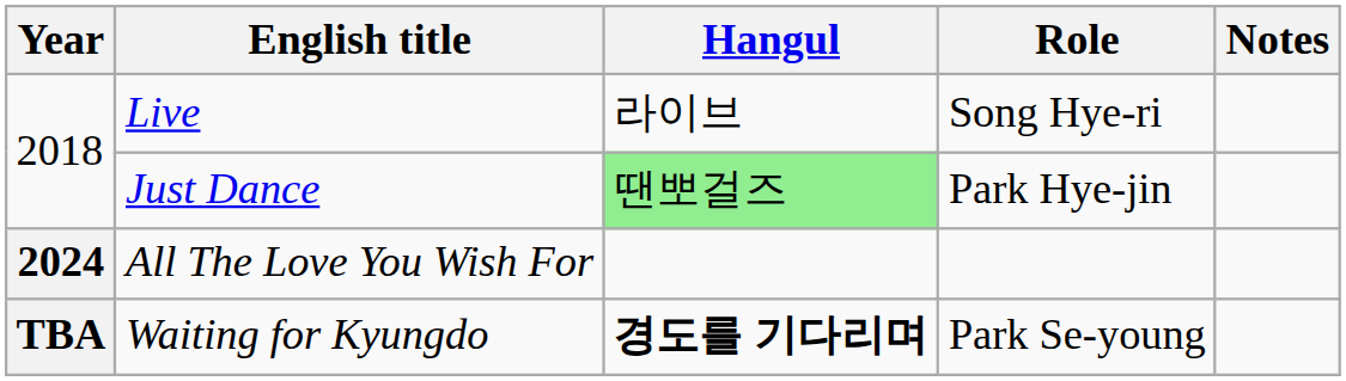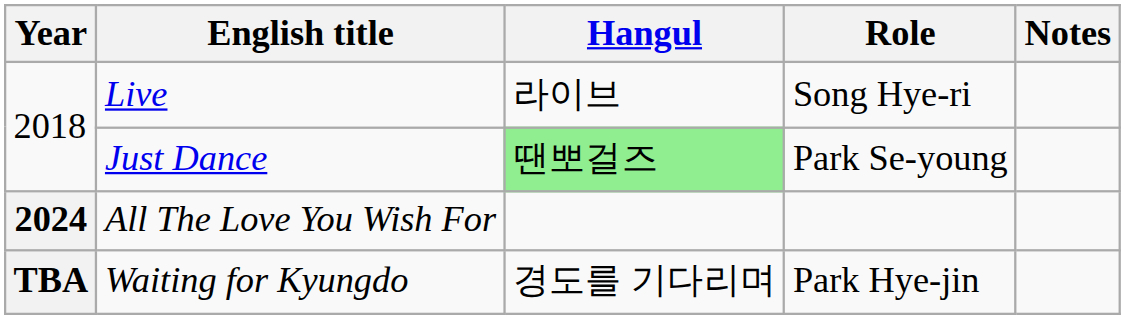 <table class="wikitable sortable">
 <tr>
 <th>Year</th>
 <th>English title</th>
 <th><a href='#'>Hangul</a></th>
 <th>Role</th>
 <th class="unsortable">Notes</th>
 </tr>
 <tr>
 <td rowspan=2>2018</td>
 <td><em><a href='#'>Live</a></em></td>
 <td>라이브</td>
 <td>Song Hye-ri</td>
 <td></td>
 </tr>
 <tr>
 <td><em><a href='#'>Just Dance</a></em></td>
 <td style="background: lightgreen;">땐뽀걸즈</td>
-<td>Park Hye-jin</td>
+<td>Park Se-young</td>
 <td></td>
 </tr>
 <tr>
 <th scope="row">2024</th>
 <td><em>All The Love You Wish For</em></td>
 <td></td>
 <td></td>
 </tr>
 <tr>
 <th scope="row">TBA</th>
 <td><em>Waiting for Kyungdo</em></td>
-<td><strong>경도를 기다리며</strong></td>
-<td>Park Se-young</td>
+<td>경도를 기다리며</td>
+<td>Park Hye-jin</td>
 <td style="text-align:center"></td>
 </tr>
 </table>
